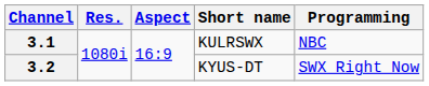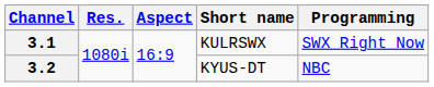 <table class="wikitable">
 <tr>
 <th scope = "col"><a href='#'>Channel</a></th>
 <th scope = "col"><a href='#'>Res.</a></th>
 <th scope = "col"><a href='#'>Aspect</a></th>
 <th scope = "col">Short name</th>
 <th scope = "col">Programming</th>
 </tr>
 <tr>
 <th scope = "row">3.1</th>
 <td rowspan=2><a href='#'>1080i</a></td>
 <td rowspan=2><a href='#'>16:9</a></td>
 <td>KULRSWX</td>
-<td><a href='#'>NBC</a></td>
+<td><a href='#'>SWX Right Now</a></td>
 </tr>
 <tr>
 <th scope = "row">3.2</th>
 <td>KYUS-DT</td>
-<td><a href='#'>SWX Right Now</a></td>
+<td><a href='#'>NBC</a></td>
 </tr>
 </table>
